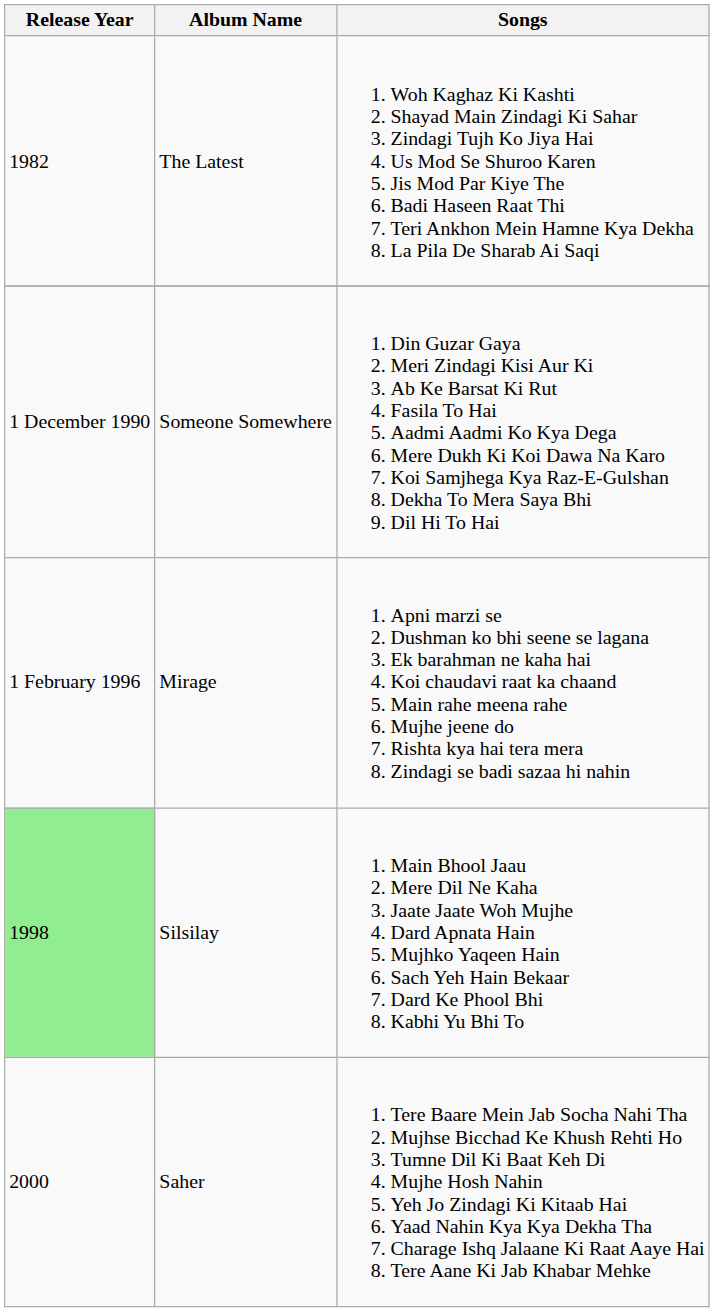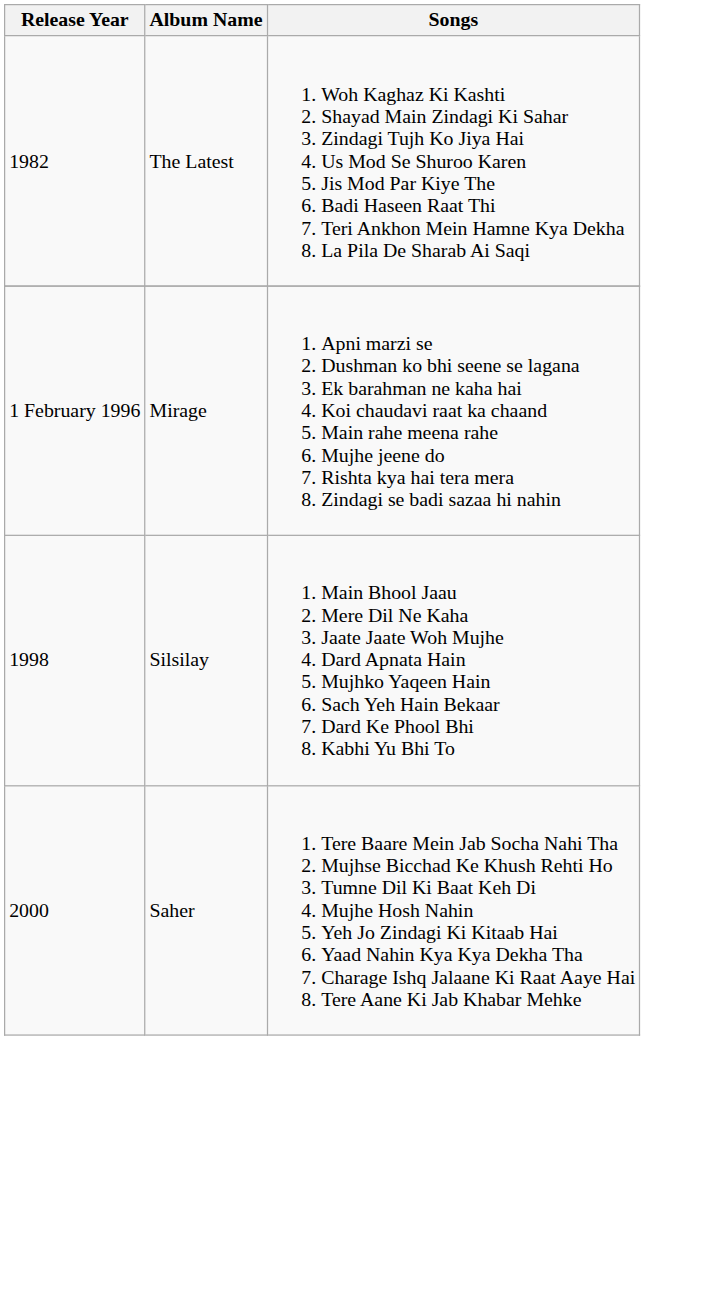 <table class="wikitable">
 <tr>
 <th>Release Year</th>
 <th>Album Name</th>
 <th>Songs</th>
 </tr>
 <tr>
 <td>1982</td>
 <td>The Latest</td>
 <td><br><ol><li>Woh Kaghaz Ki Kashti</li><li>Shayad Main Zindagi Ki Sahar</li><li>Zindagi Tujh Ko Jiya Hai</li><li>Us Mod Se Shuroo Karen</li><li>Jis Mod Par Kiye The</li><li>Badi Haseen Raat Thi</li><li>Teri Ankhon Mein Hamne Kya Dekha</li><li>La Pila De Sharab Ai Saqi</li></ol></td>
 </tr>
 <tr>
 </tr>
 <tr>
-<td>1 December 1990</td>
-<td>Someone Somewhere</td>
-<td><br><ol><li>Din Guzar Gaya</li><li>Meri Zindagi Kisi Aur Ki</li><li>Ab Ke Barsat Ki Rut</li><li>Fasila To Hai</li><li>Aadmi Aadmi Ko Kya Dega</li><li>Mere Dukh Ki Koi Dawa Na Karo</li><li>Koi Samjhega Kya Raz-E-Gulshan</li><li>Dekha To Mera Saya Bhi</li><li>Dil Hi To Hai</li></ol></td>
-</tr>
-<tr>
 <td>1 February 1996</td>
 <td>Mirage</td>
 <td><br><ol><li>Apni marzi se</li><li>Dushman ko bhi seene se lagana</li><li>Ek barahman ne kaha hai</li><li>Koi chaudavi raat ka chaand</li><li>Main rahe meena rahe</li><li>Mujhe jeene do</li><li>Rishta kya hai tera mera</li><li>Zindagi se badi sazaa hi nahin</li></ol></td>
 </tr>
 <tr>
-<td style="background: lightgreen;">1998</td>
+<td>1998</td>
 <td>Silsilay</td>
 <td><br><ol><li>Main Bhool Jaau</li><li>Mere Dil Ne Kaha</li><li>Jaate Jaate Woh Mujhe</li><li>Dard Apnata Hain</li><li>Mujhko Yaqeen Hain</li><li>Sach Yeh Hain Bekaar</li><li>Dard Ke Phool Bhi</li><li>Kabhi Yu Bhi To</li></ol></td>
 </tr>
 <tr>
 <td>2000</td>
 <td>Saher</td>
 <td><br><ol><li>Tere Baare Mein Jab Socha Nahi Tha</li><li>Mujhse Bicchad Ke Khush Rehti Ho</li><li>Tumne Dil Ki Baat Keh Di</li><li>Mujhe Hosh Nahin</li><li>Yeh Jo Zindagi Ki Kitaab Hai</li><li>Yaad Nahin Kya Kya Dekha Tha</li><li>Charage Ishq Jalaane Ki Raat Aaye Hai</li><li>Tere Aane Ki Jab Khabar Mehke</li></ol></td>
 </tr>
 </table>
